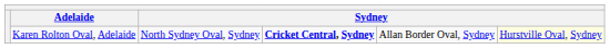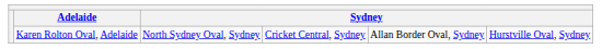 <table class="wikitable" style="text-align:center;margin:auto;font-size:87.5%;">
 <tr>
 <th colspan="6"></th>
 </tr>
 <tr>
 <th rowspan="5"></th>
 <th><a href='#'>Adelaide</a></th>
 <th colspan="4"><a href='#'>Sydney</a></th>
 </tr>
 <tr>
 <td><a href='#'>Karen Rolton Oval</a>, <a href='#'>Adelaide</a></td>
 <td><a href='#'>North Sydney Oval</a>, <a href='#'>Sydney</a></td>
-<td><strong><a href='#'>Cricket Central</a>, <a href='#'>Sydney</a></strong></td>
+<td><a href='#'>Cricket Central</a>, <a href='#'>Sydney</a></td>
 <td>Allan Border Oval, <a href='#'>Sydney</a></td>
-<td style="background: lightyellow;"><a href='#'>Hurstville Oval</a>, <a href='#'>Sydney</a></td>
+<td><a href='#'>Hurstville Oval</a>, <a href='#'>Sydney</a></td>
 </tr>
 </table>
